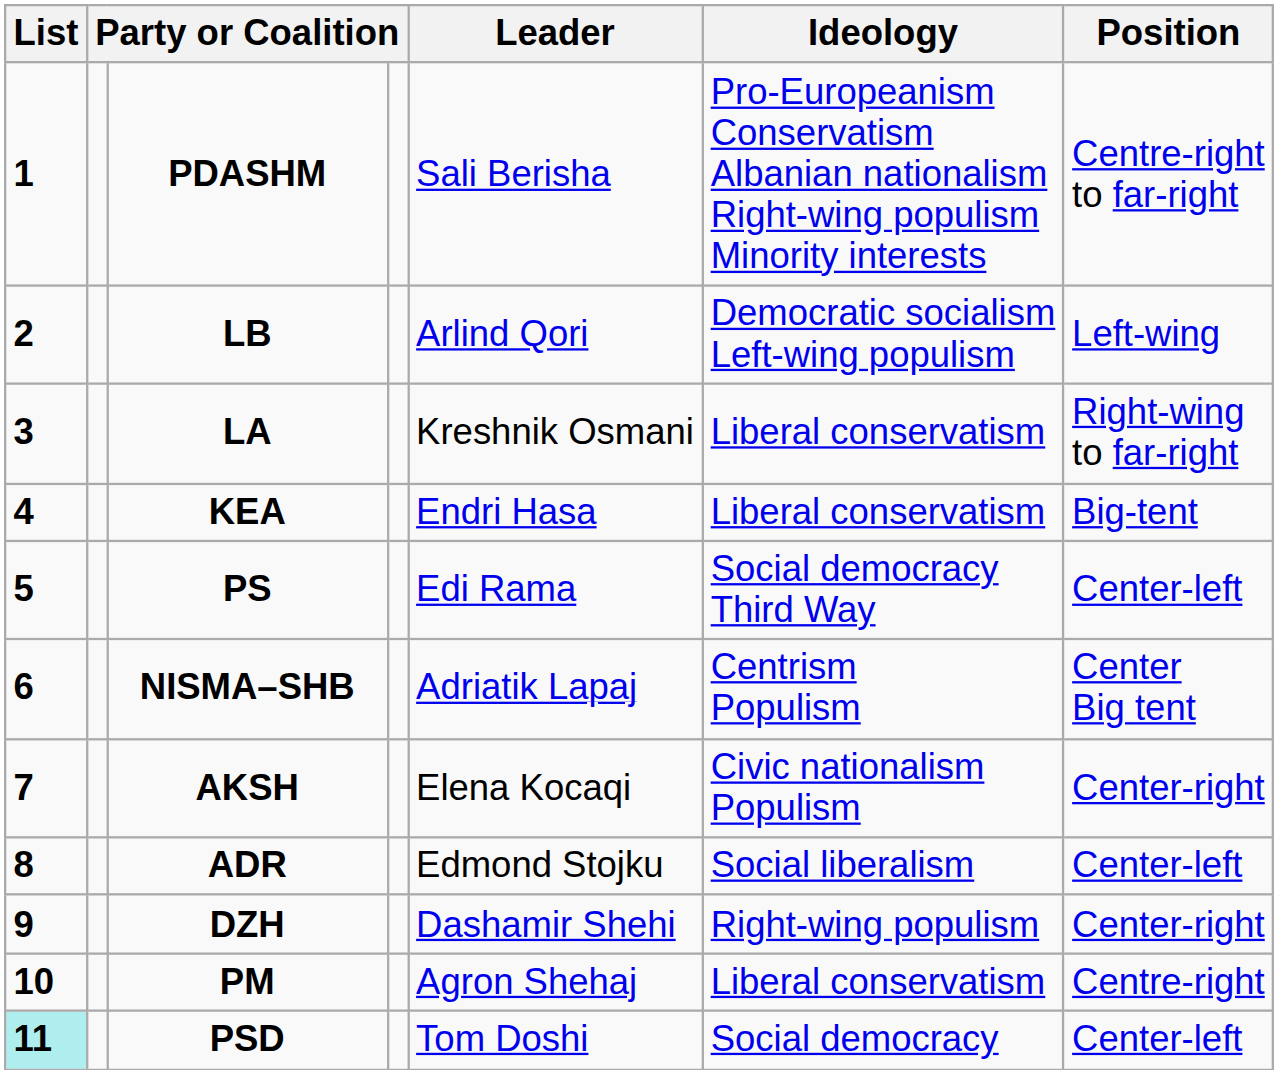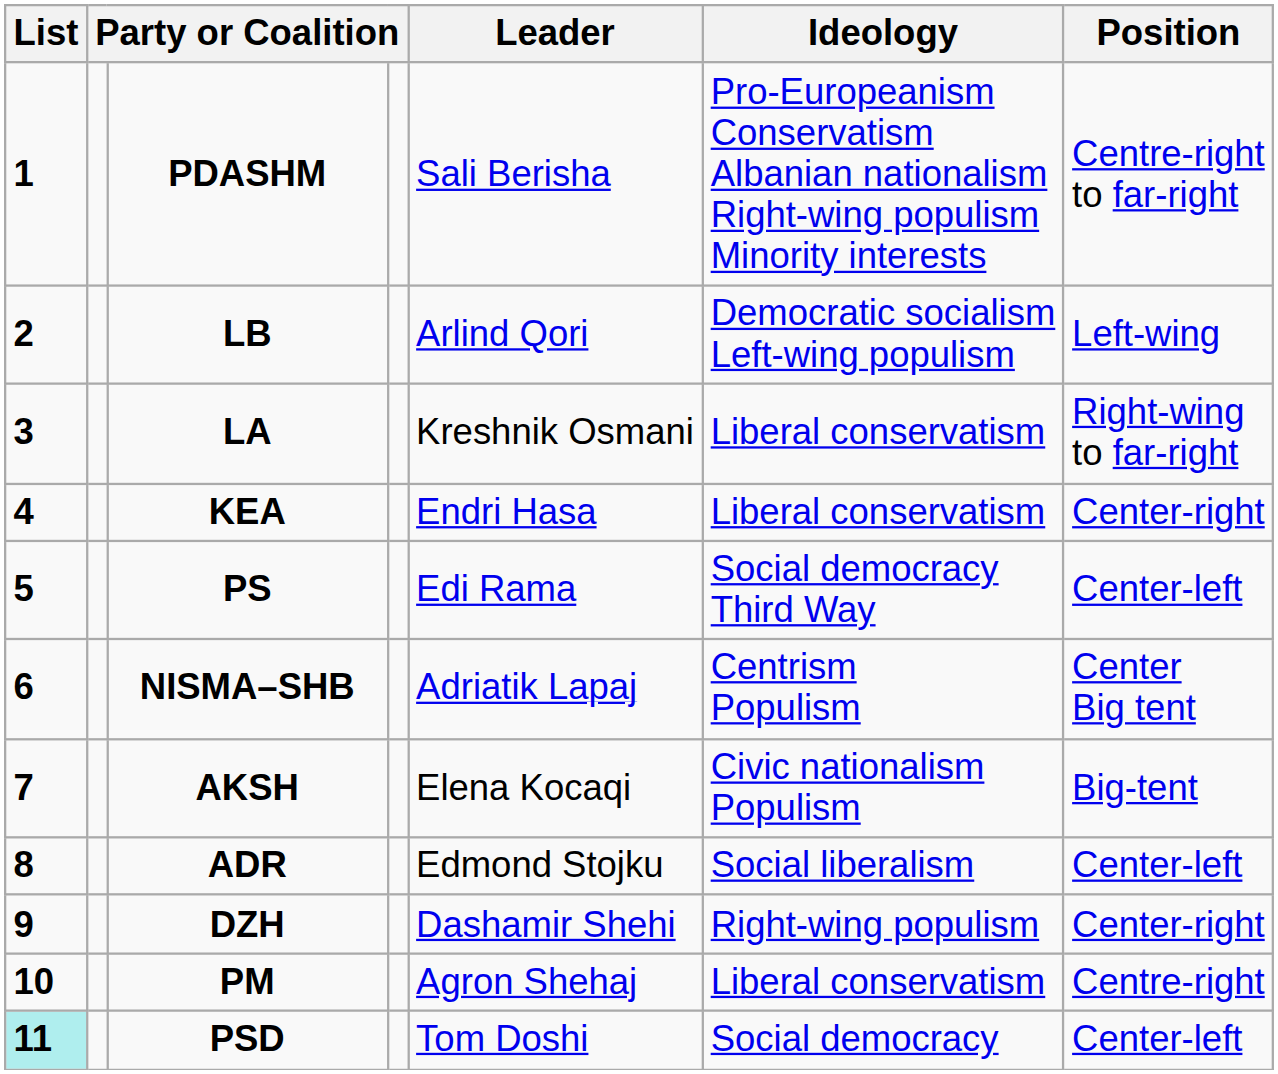 <table class="wikitable">
 <tr>
 <th>List</th>
 <th colspan="3">Party or Coalition</th>
 <th>Leader</th>
 <th>Ideology</th>
 <th>Position</th>
 </tr>
 <tr>
 <td><strong>1</strong></td>
 <td style="background:"></td>
 <td style="text-align:center;"><strong>PDASHM</strong></td>
 <td><br></td>
 <td><a href='#'>Sali Berisha</a></td>
 <td><a href='#'>Pro-Europeanism</a><br><a href='#'>Conservatism</a><br><a href='#'>Albanian nationalism</a><br><a href='#'>Right-wing populism</a><br><a href='#'>Minority interests</a></td>
 <td><a href='#'>Centre-right</a><br>to <a href='#'>far-right</a></td>
 </tr>
 <tr>
 <td><strong>2</strong></td>
 <td style="background:"></td>
 <td style="text-align:center;"><strong>LB</strong></td>
 <td></td>
 <td><a href='#'>Arlind Qori</a></td>
 <td><a href='#'>Democratic socialism</a><br><a href='#'>Left-wing populism</a></td>
 <td><a href='#'>Left-wing</a></td>
 </tr>
 <tr>
 <td><strong>3</strong></td>
 <td style="background:"></td>
 <td style="text-align:center;"><strong>LA</strong></td>
 <td></td>
 <td>Kreshnik Osmani</td>
 <td><a href='#'>Liberal conservatism</a></td>
 <td><a href='#'>Right-wing</a><br>to <a href='#'>far-right</a></td>
 </tr>
 <tr>
 <td><strong>4</strong></td>
 <td style="background:"></td>
 <td style="text-align:center;"><strong>KEA</strong></td>
 <td></td>
 <td><a href='#'>Endri Hasa</a></td>
 <td><a href='#'>Liberal conservatism</a></td>
-<td><a href='#'>Big-tent</a></td>
+<td><a href='#'>Center-right</a></td>
 </tr>
 <tr>
 <td><strong>5</strong></td>
 <td style="background:"></td>
 <td style="text-align:center;"><strong>PS</strong></td>
 <td><br></td>
 <td><a href='#'>Edi Rama</a></td>
 <td><a href='#'>Social democracy</a><br><a href='#'>Third Way</a></td>
 <td><a href='#'>Center-left</a></td>
 </tr>
 <tr>
 <td><strong>6</strong></td>
 <td style="background:"></td>
 <td style="text-align:center;"><strong>NISMA–SHB</strong></td>
 <td><br></td>
 <td><a href='#'>Adriatik Lapaj</a></td>
 <td><a href='#'>Centrism</a><br><a href='#'>Populism</a></td>
 <td><a href='#'>Center</a><br><a href='#'>Big tent</a></td>
 </tr>
 <tr>
 <td><strong>7</strong></td>
 <td style="background:"></td>
 <td style="text-align:center;"><strong>AKSH</strong></td>
 <td></td>
 <td>Elena Kocaqi</td>
 <td><a href='#'>Civic nationalism</a><br><a href='#'>Populism</a></td>
-<td><a href='#'>Center-right</a></td>
+<td><a href='#'>Big-tent</a></td>
 </tr>
 <tr>
 <td><strong>8</strong></td>
 <td style="background:"></td>
 <td style="text-align:center;"><strong>ADR</strong></td>
 <td></td>
 <td>Edmond Stojku</td>
 <td><a href='#'>Social liberalism</a></td>
 <td><a href='#'>Center-left</a></td>
 </tr>
 <tr>
 <td><strong>9</strong></td>
 <td style="background:"></td>
 <td style="text-align:center;"><strong>DZH</strong></td>
 <td><br></td>
 <td><a href='#'>Dashamir Shehi</a></td>
 <td><a href='#'>Right-wing populism</a></td>
 <td><a href='#'>Center-right</a></td>
 </tr>
 <tr>
 <td><strong>10</strong></td>
 <td style="background:"></td>
 <td style="text-align:center;"><strong>PM</strong></td>
 <td></td>
 <td><a href='#'>Agron Shehaj</a></td>
 <td><a href='#'>Liberal conservatism</a></td>
 <td><a href='#'>Centre-right</a></td>
 </tr>
 <tr>
 <td style="background: paleturquoise;"><strong>11</strong></td>
 <td style="background:"></td>
 <td style="text-align:center;"><strong>PSD</strong></td>
 <td></td>
 <td><a href='#'>Tom Doshi</a></td>
 <td><a href='#'>Social democracy</a></td>
 <td><a href='#'>Center-left</a></td>
 </tr>
 </table>
